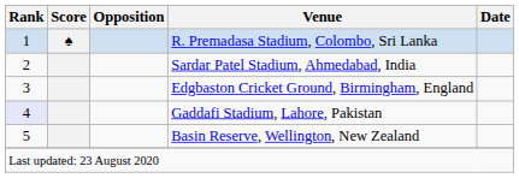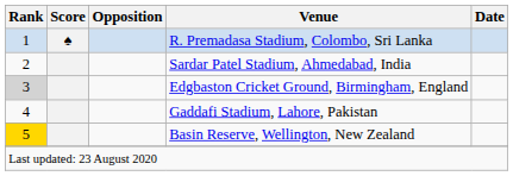 <table class="wikitable sortable">
 <tr>
 <th scope=col>Rank</th>
 <th scope=col>Score</th>
 <th scope=col>Opposition</th>
 <th scope=col>Venue</th>
 <th scope=col>Date</th>
 </tr>
 <tr bgcolor=#cee0f2>
 <td align=center>1</td>
 <th scope=row style=text-align:center;> ♠</th>
 <td></td>
 <td><a href='#'>R. Premadasa Stadium</a>, <a href='#'>Colombo</a>, Sri Lanka</td>
 <td></td>
 </tr>
 <tr>
 <td align=center>2</td>
 <th scope=row style=text-align:center;></th>
 <td></td>
 <td><a href='#'>Sardar Patel Stadium</a>, <a href='#'>Ahmedabad</a>, India</td>
 <td></td>
 </tr>
 <tr>
-<td align=center>3</td>
+<td align=center style="background: lightgrey;">3</td>
 <th scope=row style=text-align:center;></th>
 <td></td>
 <td><a href='#'>Edgbaston Cricket Ground</a>, <a href='#'>Birmingham</a>, England</td>
 <td></td>
 </tr>
 <tr>
-<td align=center style="background: lavender;">4</td>
+<td align=center>4</td>
 <th scope=row style=text-align:center;></th>
 <td></td>
 <td><a href='#'>Gaddafi Stadium</a>, <a href='#'>Lahore</a>, Pakistan</td>
 <td></td>
 </tr>
 <tr>
-<td align=center>5</td>
+<td align=center style="background: gold;">5</td>
 <th scope=row style=text-align:center;></th>
 <td></td>
 <td><a href='#'>Basin Reserve</a>, <a href='#'>Wellington</a>, New Zealand</td>
 <td></td>
 </tr>
 <tr>
 </tr>
 <tr class=sortbottom>
 <td colspan=5><small>Last updated: 23 August 2020</small></td>
 </tr>
 </table>
